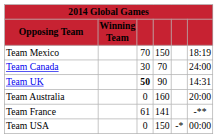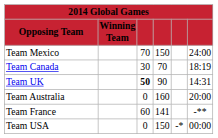 <table border="1" cellpadding="2" cellspacing="0" style="width:50%; background:#ffffff; border:1px #aaa solid; border-collapse:collapse; font-size:90%; text-align:center;">
 <tr style="colour:white; text-align:center; background:#C72232;">
 <th colspan=8>2014 Global Games</th>
 </tr>
 <tr>
 <th style="colour:white; width:140px; background:#C72232;">Opposing Team</th>
 <th style="colour:white; width:50px; background:#C72232;">Winning Team</th>
 <th style="colour:white; width:20px; background:#C72232;"></th>
 <th style="colour:white; width:20px; background:#C72232;"></th>
 <th style="colour:white; width:20px; background:#C72232;"></th>
 <th style="colour:white; width:20px; background:#C72232;"></th>
 </tr>
 <tr>
 <td style="text-align:left"> Team Mexico</td>
 <td></td>
 <td>70</td>
 <td>150</td>
 <td></td>
-<td>18:19</td>
+<td>24:00</td>
 </tr>
 <tr>
 <td style="text-align:left;"> <a href='#'>Team Canada</a></td>
 <td></td>
 <td>30</td>
 <td>70</td>
 <td></td>
-<td>24:00</td>
+<td>18:19</td>
 </tr>
 <tr>
 <td style="text-align:left;"> <a href='#'>Team UK</a></td>
 <td></td>
 <td><strong>50</strong></td>
 <td>90</td>
 <td></td>
 <td>14:31</td>
 </tr>
 <tr>
 <td style="text-align:left;"> Team Australia</td>
 <td></td>
 <td>0</td>
 <td>160</td>
 <td></td>
 <td>20:00</td>
 </tr>
 <tr>
 <td style="text-align:left;"> Team France</td>
 <td></td>
-<td>61</td>
+<td>60</td>
 <td>141</td>
 <td></td>
 <td>-**</td>
 </tr>
 <tr>
 <td style="text-align:left;"> Team USA</td>
 <td></td>
 <td>0</td>
 <td>150</td>
 <td>-*</td>
 <td>00:00</td>
 </tr>
 </table>
